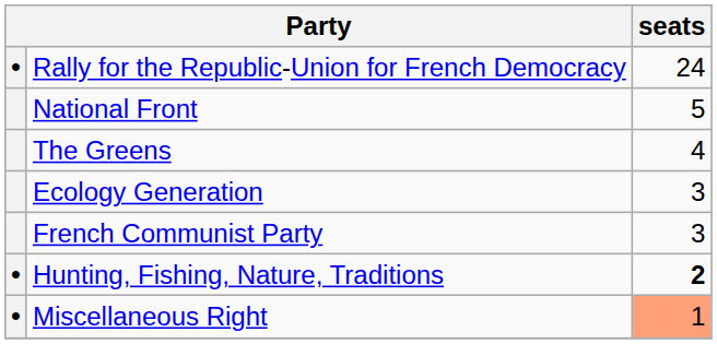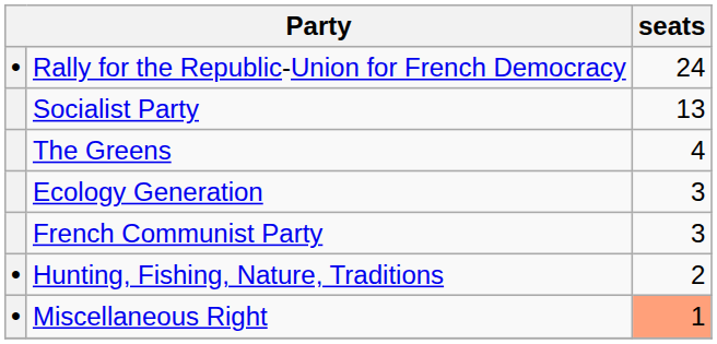 <table class="wikitable" style="font-size: 95%;">
 <tr>
 <th colspan=2>Party</th>
 <th>seats</th>
 </tr>
 <tr>
 <th style="background-color: "><span>•</span></th>
 <td><a href='#'>Rally for the Republic</a>-<a href='#'>Union for French Democracy</a></td>
 <td align="right">24</td>
 </tr>
 <tr>
 <th style="background-color: "></th>
-<td><a href='#'>National Front</a></td>
-<td align="right">5</td>
+<td><a href='#'>Socialist Party</a></td>
+<td align="right">13</td>
 </tr>
 <tr>
 <th style="background-color: "></th>
 <td><a href='#'>The Greens</a></td>
 <td align="right">4</td>
 </tr>
 <tr>
 <th style="background-color: "></th>
 <td><a href='#'>Ecology Generation</a></td>
 <td align="right">3</td>
 </tr>
 <tr>
 <th style="background-color: "></th>
 <td><a href='#'>French Communist Party</a></td>
 <td align="right">3</td>
 </tr>
 <tr>
 <th style="background-color: "><span>•</span></th>
 <td><a href='#'>Hunting, Fishing, Nature, Traditions</a></td>
-<td align="right"><strong>2</strong></td>
+<td align="right">2</td>
 </tr>
 <tr>
 <th style="background-color: "><span>•</span></th>
 <td><a href='#'>Miscellaneous Right</a></td>
 <td align="right" style="background: lightsalmon;">1</td>
 </tr>
 <tr>
 </tr>
 </table>
